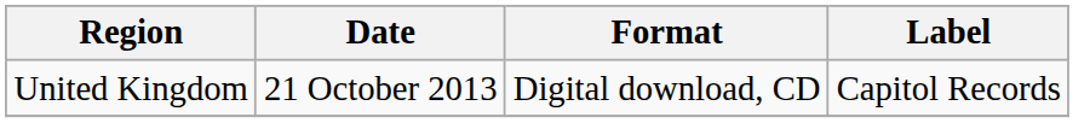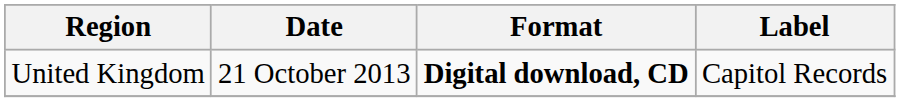 <table class="wikitable">
 <tr>
 <th>Region</th>
 <th>Date</th>
 <th>Format</th>
 <th>Label</th>
 </tr>
 <tr>
 <td>United Kingdom</td>
 <td>21 October 2013</td>
-<td>Digital download, CD</td>
+<td><strong>Digital download, CD</strong></td>
 <td>Capitol Records</td>
 </tr>
 <tr>
 </tr>
 </table>
